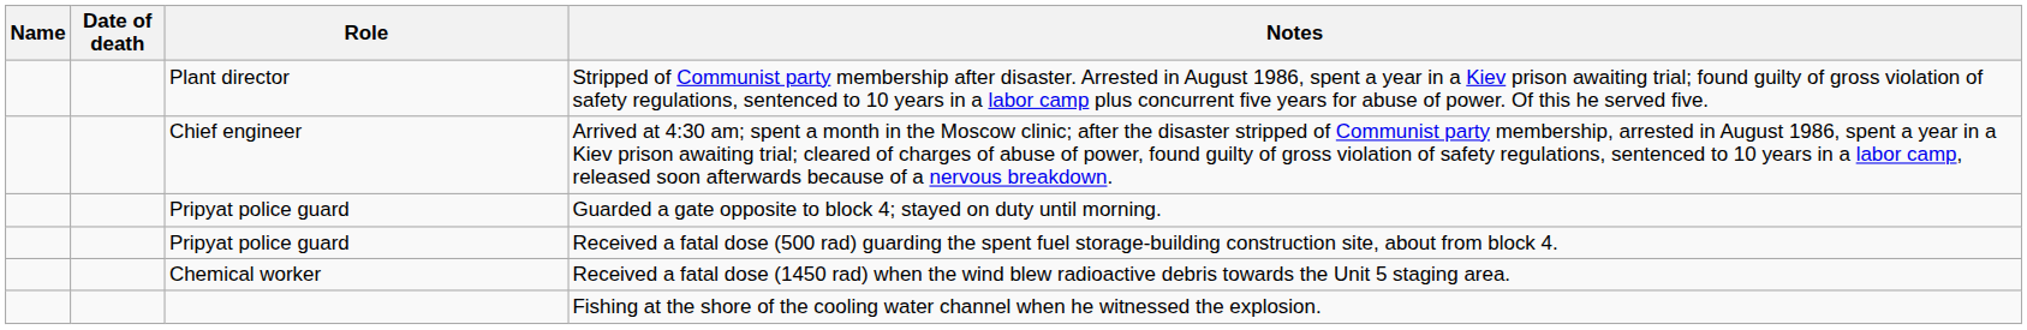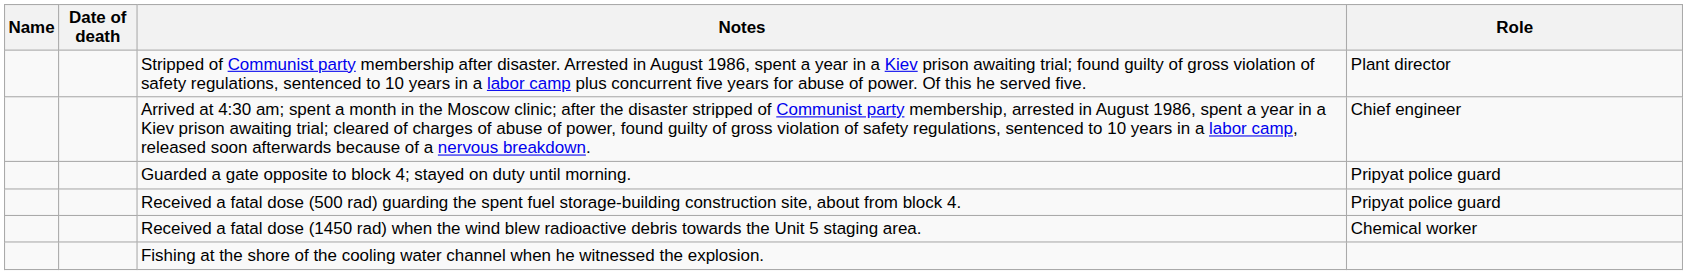 <table class="wikitable sortable" width="100%">
 <tr>
 <th>Name</th>
 <th>Date of death</th>
+<th class=unsortable>Notes</th>
 <th class="unsortable" width="20%">Role</th>
-<th class=unsortable>Notes</th>
 </tr>
 <tr valign=top>
 <td></td>
 <td style=text-align:right;></td>
+<td>Stripped of <a href='#'>Communist party</a> membership after disaster. Arrested in August 1986, spent a year in a <a href='#'>Kiev</a> prison awaiting trial; found guilty of gross violation of safety regulations, sentenced to 10 years in a <a href='#'>labor camp</a> plus concurrent five years for abuse of power. Of this he served five.</td>
 <td>Plant director</td>
-<td>Stripped of <a href='#'>Communist party</a> membership after disaster. Arrested in August 1986, spent a year in a <a href='#'>Kiev</a> prison awaiting trial; found guilty of gross violation of safety regulations, sentenced to 10 years in a <a href='#'>labor camp</a> plus concurrent five years for abuse of power. Of this he served five.</td>
 </tr>
 <tr valign=top>
 <td></td>
 <td></td>
+<td>Arrived at 4:30 am; spent a month in the Moscow clinic; after the disaster stripped of <a href='#'>Communist party</a> membership, arrested in August 1986, spent a year in a Kiev prison awaiting trial; cleared of charges of abuse of power, found guilty of gross violation of safety regulations, sentenced to 10 years in a <a href='#'>labor camp</a>, released soon afterwards because of a <a href='#'>nervous breakdown</a>.</td>
 <td>Chief engineer</td>
-<td>Arrived at 4:30 am; spent a month in the Moscow clinic; after the disaster stripped of <a href='#'>Communist party</a> membership, arrested in August 1986, spent a year in a Kiev prison awaiting trial; cleared of charges of abuse of power, found guilty of gross violation of safety regulations, sentenced to 10 years in a <a href='#'>labor camp</a>, released soon afterwards because of a <a href='#'>nervous breakdown</a>.</td>
 </tr>
 <tr valign=top>
 <td></td>
 <td style=text-align:right;></td>
+<td>Guarded a gate opposite to block 4; stayed on duty until morning.</td>
 <td>Pripyat police guard</td>
-<td>Guarded a gate opposite to block 4; stayed on duty until morning.</td>
 </tr>
 <tr valign=top>
 <td></td>
 <td style=text-align:right;></td>
+<td>Received a fatal dose (500 rad) guarding the  spent fuel storage-building construction site, about  from block 4.</td>
 <td>Pripyat police guard</td>
-<td>Received a fatal dose (500 rad) guarding the  spent fuel storage-building construction site, about  from block 4.</td>
 </tr>
 <tr valign=top>
 <td></td>
 <td style=text-align:right;></td>
+<td>Received a fatal dose (1450 rad) when the wind blew radioactive debris towards the Unit 5 staging area.</td>
 <td>Chemical worker</td>
-<td>Received a fatal dose (1450 rad) when the wind blew radioactive debris towards the Unit 5 staging area.</td>
 </tr>
 <tr valign=top>
 <td></td>
 <td></td>
+<td>Fishing at the shore of the cooling water channel when he witnessed the explosion.</td>
 <td></td>
-<td>Fishing at the shore of the cooling water channel when he witnessed the explosion.</td>
 </tr>
 </table>
